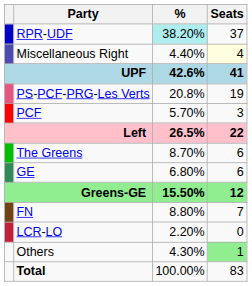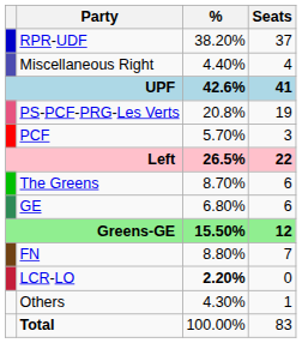 <table class="wikitable" style="text-align:right">
 <tr>
 <th></th>
 <th>Party</th>
 <th>%</th>
 <th>Seats</th>
 </tr>
 <tr>
 <td bgcolor="#0000c8"> </td>
 <td align=left><a href='#'>RPR</a>-<a href='#'>UDF</a></td>
-<td style="background: paleturquoise;">38.20%</td>
+<td>38.20%</td>
 <td>37</td>
 </tr>
 <tr>
 <td bgcolor="#4C4CB0"> </td>
 <td align=left>Miscellaneous Right</td>
 <td>4.40%</td>
-<td style="background: lightyellow;">4</td>
+<td>4</td>
 </tr>
 <tr bgcolor="lightblue">
 <td colspan=2><strong>UPF</strong> </td>
 <td><strong>42.6%</strong></td>
 <td><strong>41</strong></td>
 </tr>
 <tr>
 <td bgcolor="#E75480"> </td>
 <td align=left><a href='#'>PS</a>-<a href='#'>PCF</a>-<a href='#'>PRG</a>-<a href='#'>Les Verts</a></td>
 <td>20.8%</td>
 <td>19</td>
 </tr>
 <tr>
 <td bgcolor="red"> </td>
 <td align=left><a href='#'>PCF</a></td>
 <td>5.70%</td>
 <td>3</td>
 </tr>
 <tr bgcolor="pink">
 <td colspan=2><strong>Left</strong> </td>
 <td><strong>26.5%</strong></td>
 <td><strong>22</strong></td>
 </tr>
 <tr>
 <td bgcolor="#00c000"> </td>
 <td align=left><a href='#'>The Greens</a></td>
 <td>8.70%</td>
 <td>6</td>
 </tr>
 <tr>
 <td bgcolor="#2E8B57"> </td>
 <td align=left><a href='#'>GE</a></td>
 <td>6.80%</td>
 <td>6</td>
 </tr>
 <tr bgcolor="lightgreen">
 <td colspan=2><strong>Greens-GE</strong> </td>
 <td><strong>15.50%</strong></td>
 <td><strong>12</strong></td>
 </tr>
 <tr>
 <td bgcolor="#704214"> </td>
 <td align=left><a href='#'>FN</a></td>
 <td>8.80%</td>
 <td>7</td>
 </tr>
 <tr>
 <td bgcolor="#C41E3A"> </td>
 <td align=left><a href='#'>LCR</a>-<a href='#'>LO</a></td>
-<td>2.20%</td>
+<td><strong>2.20%</strong></td>
 <td>0</td>
 </tr>
 <tr>
 <td></td>
 <td align=left>Others</td>
 <td>4.30%</td>
-<td style="background: lightgreen;">1</td>
+<td>1</td>
 </tr>
 <tr>
 <td></td>
 <td align=left><strong>Total</strong></td>
 <td>100.00%</td>
 <td>83</td>
 </tr>
 </table>
